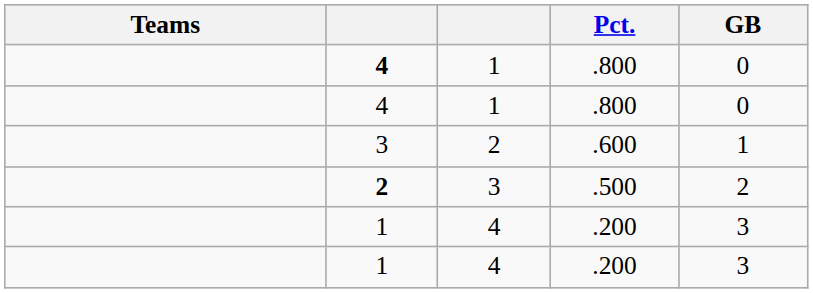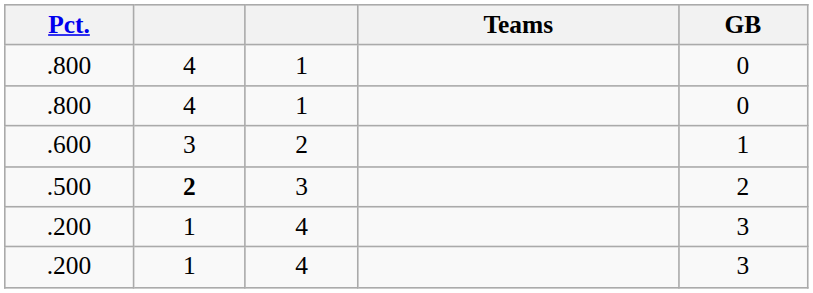 <table class="wikitable" width="40%" style="text-align:center;">
 <tr>
-<th width="20%">Teams</th>
+<th width="8%"><a href='#'>Pct.</a></th>
 <th width="7%"></th>
 <th width="7%"></th>
-<th width="8%"><a href='#'>Pct.</a></th>
+<th width="20%">Teams</th>
 <th width="8%">GB</th>
 </tr>
 <tr>
+<td>.800</td>
+<td>4</td>
+<td>1</td>
 <td align=left></td>
-<td><strong>4</strong></td>
-<td>1</td>
-<td>.800</td>
 <td>0</td>
 </tr>
 <tr>
-<td align=left></td>
+<td>.800</td>
 <td>4</td>
 <td>1</td>
-<td>.800</td>
+<td align=left></td>
 <td>0</td>
 </tr>
 <tr>
-<td align=left></td>
+<td>.600</td>
 <td>3</td>
 <td>2</td>
-<td>.600</td>
+<td align=left></td>
 <td>1</td>
 </tr>
 <tr>
-<td align=left></td>
+<td>.500</td>
 <td><strong>2</strong></td>
 <td>3</td>
-<td>.500</td>
+<td align=left></td>
 <td>2</td>
 </tr>
 <tr>
-<td align=left></td>
+<td>.200</td>
 <td>1</td>
 <td>4</td>
-<td>.200</td>
+<td align=left></td>
 <td>3</td>
 </tr>
 <tr>
-<td align=left></td>
+<td>.200</td>
 <td>1</td>
 <td>4</td>
-<td>.200</td>
+<td align=left></td>
 <td>3</td>
 </tr>
 </table>
